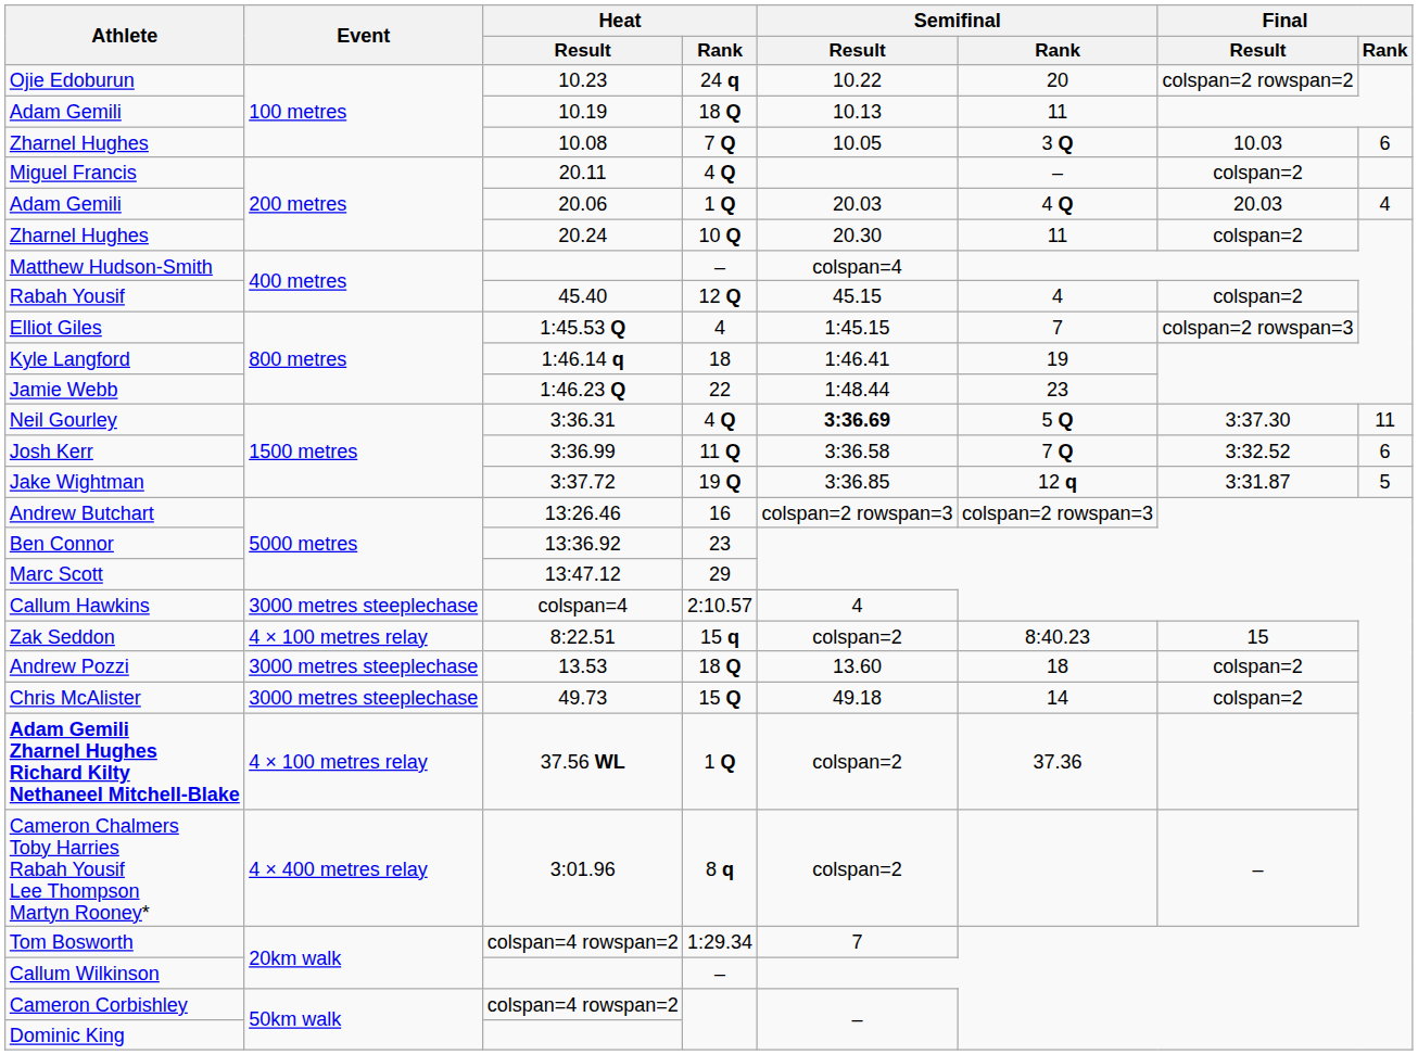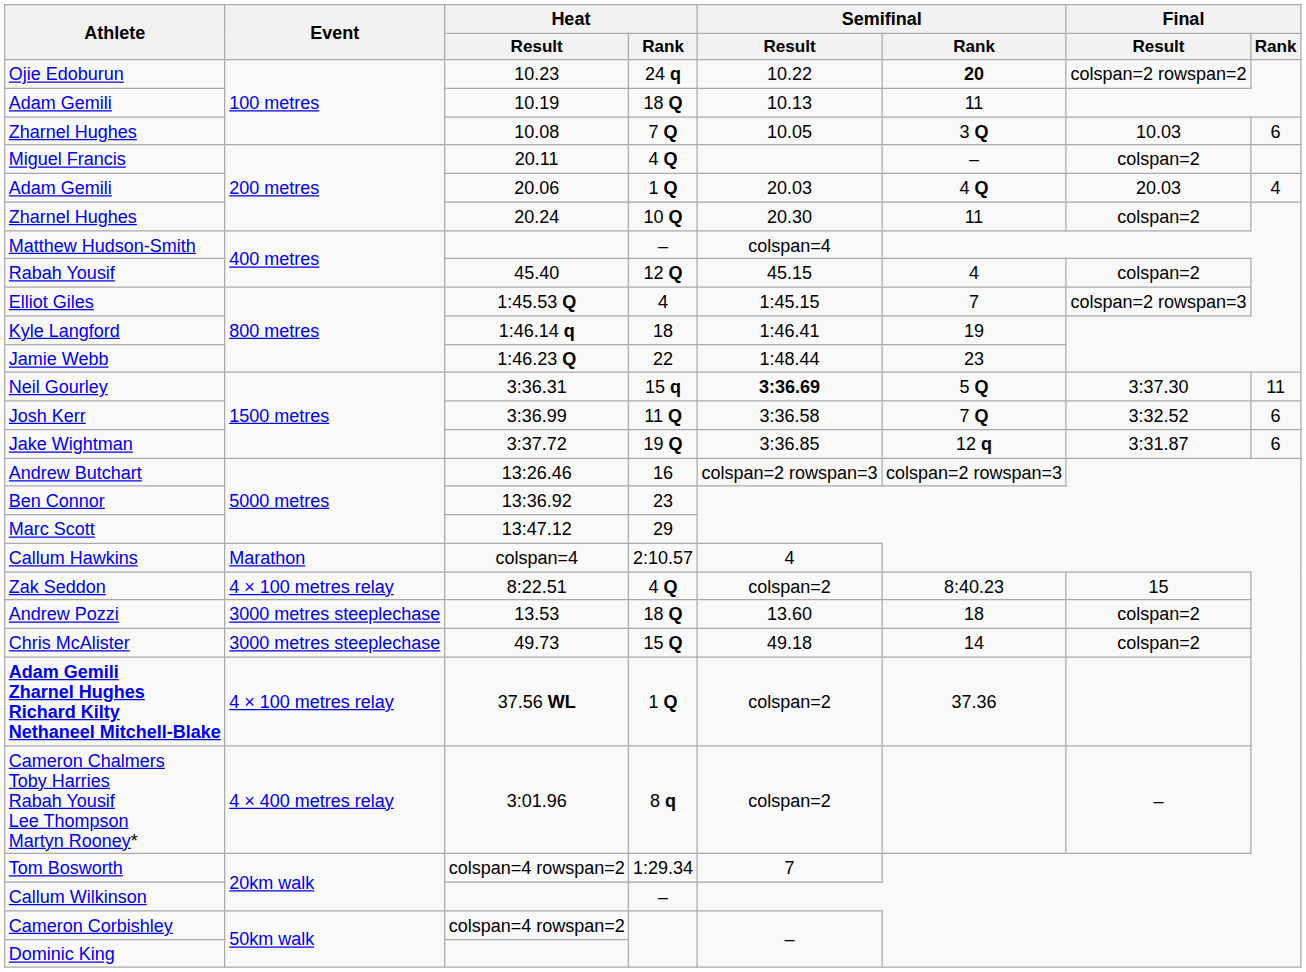 <table class="wikitable" style="font-size:90%">
 <tr>
 <th rowspan="2">Athlete</th>
 <th rowspan="2">Event</th>
 <th colspan="2">Heat</th>
 <th colspan="2">Semifinal</th>
 <th colspan="2">Final</th>
 </tr>
 <tr style="font-size:95%">
 <th>Result</th>
 <th>Rank</th>
 <th>Result</th>
 <th>Rank</th>
 <th>Result</th>
 <th>Rank</th>
 </tr>
 <tr style=text-align:center>
 <td style=text-align:left><a href='#'>Ojie Edoburun</a></td>
 <td style=text-align:left rowspan=3><a href='#'>100 metres</a></td>
 <td>10.23</td>
 <td>24 <strong>q</strong></td>
 <td>10.22</td>
-<td>20</td>
+<td><strong>20</strong></td>
 <td>colspan=2 rowspan=2 </td>
 </tr>
 <tr style=text-align:center>
 <td style=text-align:left><a href='#'>Adam Gemili</a></td>
 <td>10.19</td>
 <td>18 <strong>Q</strong></td>
 <td>10.13</td>
 <td>11</td>
 </tr>
 <tr style=text-align:center>
 <td style=text-align:left><a href='#'>Zharnel Hughes</a></td>
 <td>10.08</td>
 <td>7 <strong>Q</strong></td>
 <td>10.05</td>
 <td>3 <strong>Q</strong></td>
 <td>10.03</td>
 <td>6</td>
 </tr>
 <tr style=text-align:center>
 <td style=text-align:left><a href='#'>Miguel Francis</a></td>
 <td style=text-align:left rowspan=3><a href='#'>200 metres</a></td>
 <td>20.11</td>
 <td>4 <strong>Q</strong></td>
 <td></td>
 <td>–</td>
 <td>colspan=2 </td>
 </tr>
 <tr style=text-align:center>
 <td style=text-align:left><a href='#'>Adam Gemili</a></td>
 <td>20.06 </td>
 <td>1 <strong>Q</strong></td>
 <td>20.03 </td>
 <td>4 <strong>Q</strong></td>
 <td>20.03 </td>
 <td>4</td>
 </tr>
 <tr style=text-align:center>
 <td style=text-align:left><a href='#'>Zharnel Hughes</a></td>
 <td>20.24 </td>
 <td>10 <strong>Q</strong></td>
 <td>20.30</td>
 <td>11</td>
 <td>colspan=2 </td>
 </tr>
 <tr style=text-align:center>
 <td style=text-align:left><a href='#'>Matthew Hudson-Smith</a></td>
 <td style=text-align:left rowspan=2><a href='#'>400 metres</a></td>
 <td></td>
 <td>–</td>
 <td>colspan=4 </td>
 </tr>
 <tr style=text-align:center>
 <td style=text-align:left><a href='#'>Rabah Yousif</a></td>
 <td>45.40</td>
 <td>12 <strong>Q</strong></td>
 <td>45.15 </td>
 <td>4</td>
 <td>colspan=2 </td>
 </tr>
 <tr style=text-align:center>
 <td style=text-align:left><a href='#'>Elliot Giles</a></td>
 <td style=text-align:left rowspan=3><a href='#'>800 metres</a></td>
 <td>1:45.53 <strong>Q</strong></td>
 <td>4</td>
 <td>1:45.15</td>
 <td>7</td>
 <td>colspan=2 rowspan=3 </td>
 </tr>
 <tr style=text-align:center>
 <td style=text-align:left><a href='#'>Kyle Langford</a></td>
 <td>1:46.14 <strong>q</strong></td>
 <td>18</td>
 <td>1:46.41</td>
 <td>19</td>
 </tr>
 <tr style=text-align:center>
 <td style=text-align:left><a href='#'>Jamie Webb</a></td>
 <td>1:46.23 <strong>Q</strong></td>
 <td>22</td>
 <td>1:48.44</td>
 <td>23</td>
 </tr>
 <tr style=text-align:center>
 <td style=text-align:left><a href='#'>Neil Gourley</a></td>
 <td style=text-align:left rowspan=3><a href='#'>1500 metres</a></td>
 <td>3:36.31</td>
-<td>4 <strong>Q</strong></td>
+<td>15 <strong>q</strong></td>
 <td><strong>3:36.69</strong></td>
 <td>5 <strong>Q</strong></td>
 <td>3:37.30</td>
 <td>11</td>
 </tr>
 <tr style=text-align:center>
 <td style=text-align:left><a href='#'>Josh Kerr</a></td>
 <td>3:36.99</td>
 <td>11 <strong>Q</strong></td>
 <td>3:36.58</td>
 <td>7 <strong>Q</strong></td>
 <td>3:32.52 </td>
 <td>6</td>
 </tr>
 <tr style=text-align:center>
 <td style=text-align:left><a href='#'>Jake Wightman</a></td>
 <td>3:37.72</td>
 <td>19 <strong>Q</strong></td>
 <td>3:36.85</td>
 <td>12 <strong>q</strong></td>
 <td>3:31.87 </td>
-<td>5</td>
+<td>6</td>
 </tr>
 <tr style=text-align:center>
 <td style=text-align:left><a href='#'>Andrew Butchart</a></td>
 <td style=text-align:left rowspan=3><a href='#'>5000 metres</a></td>
 <td>13:26.46</td>
 <td>16</td>
 <td>colspan=2 rowspan=3 </td>
 <td>colspan=2 rowspan=3 </td>
 </tr>
 <tr style=text-align:center>
 <td style=text-align:left><a href='#'>Ben Connor</a></td>
 <td>13:36.92</td>
 <td>23</td>
 </tr>
 <tr style=text-align:center>
 <td style=text-align:left><a href='#'>Marc Scott</a></td>
 <td>13:47.12</td>
 <td>29</td>
 </tr>
 <tr style=text-align:center>
 <td style=text-align:left><a href='#'>Callum Hawkins</a></td>
-<td style=text-align:left><a href='#'>3000 metres steeplechase</a></td>
+<td style=text-align:left><a href='#'>Marathon</a></td>
 <td>colspan=4 </td>
 <td>2:10.57</td>
 <td>4</td>
 </tr>
 <tr style=text-align:center>
 <td style=text-align:left><a href='#'>Zak Seddon</a></td>
 <td style=text-align:left><a href='#'>4 × 100 metres relay</a></td>
 <td>8:22.51</td>
-<td>15 <strong>q</strong></td>
+<td>4 <strong>Q</strong></td>
 <td>colspan=2 </td>
 <td>8:40.23</td>
 <td>15</td>
 </tr>
 <tr style=text-align:center>
 <td style=text-align:left><a href='#'>Andrew Pozzi</a></td>
 <td style=text-align:left><a href='#'>3000 metres steeplechase</a></td>
 <td>13.53</td>
 <td>18 <strong>Q</strong></td>
 <td>13.60</td>
 <td>18</td>
 <td>colspan=2 </td>
 </tr>
 <tr style=text-align:center>
 <td style=text-align:left><a href='#'>Chris McAlister</a></td>
 <td style=text-align:left><a href='#'>3000 metres steeplechase</a></td>
 <td>49.73</td>
 <td>15 <strong>Q</strong></td>
 <td>49.18 </td>
 <td>14</td>
 <td>colspan=2 </td>
 </tr>
 <tr style=text-align:center>
 <td style=text-align:left><strong><a href='#'>Adam Gemili</a><br><a href='#'>Zharnel Hughes</a><br><a href='#'>Richard Kilty</a><br><a href='#'>Nethaneel Mitchell-Blake</a></strong></td>
 <td style=text-align:left><a href='#'>4 × 100 metres relay</a></td>
 <td>37.56 <strong>WL</strong></td>
 <td>1 <strong>Q</strong></td>
 <td>colspan=2 </td>
 <td>37.36 </td>
 <td></td>
 </tr>
 <tr style=text-align:center>
 <td style=text-align:left><a href='#'>Cameron Chalmers</a><br><a href='#'>Toby Harries</a><br><a href='#'>Rabah Yousif</a><br><a href='#'>Lee Thompson</a><br><a href='#'>Martyn Rooney</a>*</td>
 <td style=text-align:left><a href='#'>4 × 400 metres relay</a></td>
 <td>3:01.96 </td>
 <td>8 <strong>q</strong></td>
 <td>colspan=2 </td>
 <td></td>
 <td>–</td>
 </tr>
 <tr style=text-align:center>
 <td style=text-align:left><a href='#'>Tom Bosworth</a></td>
 <td style=text-align:left rowspan=2><a href='#'>20km walk</a></td>
 <td>colspan=4 rowspan=2 </td>
 <td>1:29.34</td>
 <td>7</td>
 </tr>
 <tr style=text-align:center>
 <td style=text-align:left><a href='#'>Callum Wilkinson</a></td>
 <td></td>
 <td>–</td>
 </tr>
 <tr style=text-align:center>
 <td style=text-align:left><a href='#'>Cameron Corbishley</a></td>
 <td style=text-align:left rowspan=2><a href='#'>50km walk</a></td>
 <td>colspan=4 rowspan=2 </td>
 <td rowspan=2></td>
 <td rowspan=2>–</td>
 </tr>
 <tr style=text-align:center>
 <td style=text-align:left><a href='#'>Dominic King</a></td>
 </tr>
 </table>
